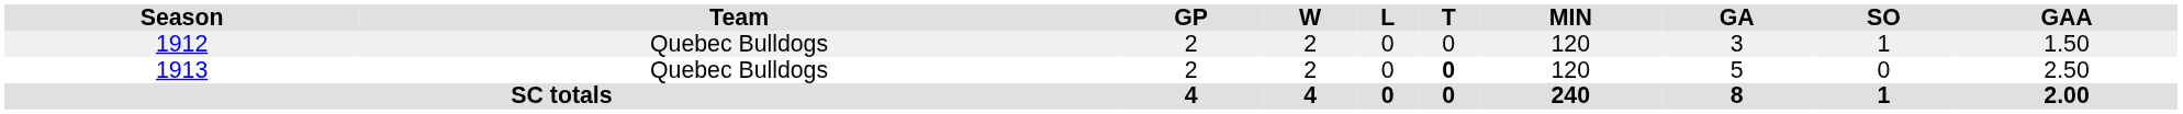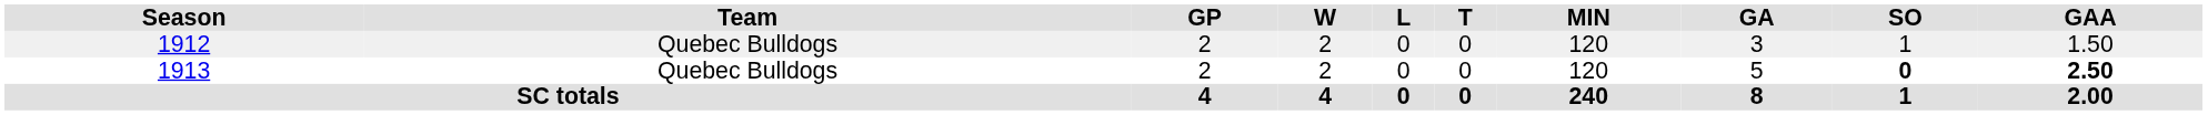 <table BORDER="0" CELLPADDING="0" CELLSPACING="0" width="75%">
 <tr bgcolor="#e0e0e0">
 <th colspan="3" bgcolor="#ffffff"></th>
 <th rowspan="99" bgcolor="#ffffff"></th>
 </tr>
 <tr bgcolor="#e0e0e0" ALIGN="center">
 <th>Season</th>
 <th>Team</th>
 <th>GP</th>
 <th>W</th>
 <th>L</th>
 <th>T</th>
 <th>MIN</th>
 <th>GA</th>
 <th>SO</th>
 <th>GAA</th>
 </tr>
 <tr ALIGN="center" bgcolor="#f0f0f0">
 <td><a href='#'>1912</a></td>
 <td>Quebec Bulldogs</td>
 <td>2</td>
 <td>2</td>
 <td>0</td>
 <td>0</td>
 <td>120</td>
 <td>3</td>
 <td>1</td>
 <td>1.50</td>
 </tr>
 <tr ALIGN="center">
 <td><a href='#'>1913</a></td>
 <td>Quebec Bulldogs</td>
 <td>2</td>
 <td>2</td>
 <td>0</td>
-<td><strong>0</strong></td>
+<td>0</td>
 <td>120</td>
 <td>5</td>
-<td>0</td>
-<td>2.50</td>
+<td><strong>0</strong></td>
+<td><strong>2.50</strong></td>
 </tr>
 <tr ALIGN="center" bgcolor="#e0e0e0">
 <th colspan="2" align="center">SC totals</th>
 <th>4</th>
 <th>4</th>
 <th>0</th>
 <th>0</th>
 <th>240</th>
 <th>8</th>
 <th>1</th>
 <th>2.00</th>
 </tr>
 </table>
